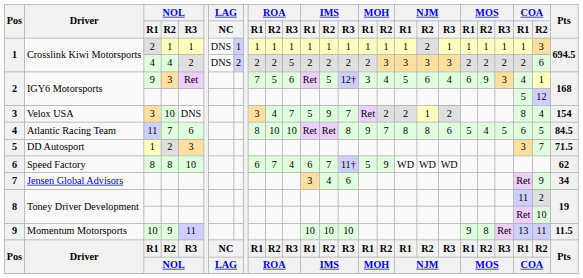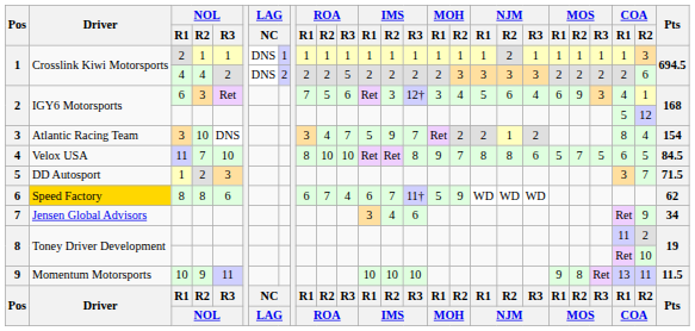 <table class="wikitable" style="font-size:85%; text-align:center">
 <tr>
 <th rowspan="2" valign="middle">Pos</th>
 <th rowspan="2" valign="middle">Driver</th>
 <th colspan="3"><a href='#'>NOL</a><br></th>
 <th rowspan="16"></th>
 <th colspan="2"><a href='#'>LAG</a><br></th>
 <th rowspan="16"></th>
 <th colspan="3"><a href='#'>ROA</a><br></th>
 <th colspan="3"><a href='#'>IMS</a><br></th>
 <th colspan="2"><a href='#'>MOH</a><br></th>
 <th colspan="3"><a href='#'>NJM</a><br></th>
 <th colspan="3"><a href='#'>MOS</a><br></th>
 <th colspan="2"><a href='#'>COA</a><br></th>
 <th rowspan="2" valign="middle">Pts</th>
 </tr>
 <tr>
 <th>R1</th>
 <th>R2</th>
 <th>R3</th>
 <th colspan="2">NC</th>
 <th>R1</th>
 <th>R2</th>
 <th>R3</th>
 <th>R1</th>
 <th>R2</th>
 <th>R3</th>
 <th>R1</th>
 <th>R2</th>
 <th>R1</th>
 <th>R2</th>
 <th>R3</th>
 <th>R1</th>
 <th>R2</th>
 <th>R3</th>
 <th>R1</th>
 <th>R2</th>
 </tr>
 <tr>
 <th rowspan="2">1</th>
 <td rowspan="2" align="left">Crosslink Kiwi Motorsports</td>
 <td style="background:#dfdfdf;">2</td>
 <td style="background:#ffffbf;">1</td>
 <td style="background:#ffffbf;">1</td>
 <td style="background:#ffffff;">DNS</td>
 <td style="background:#cfcfff;">1</td>
 <td style="background:#ffffbf;">1</td>
 <td style="background:#ffffbf;">1</td>
 <td style="background:#ffffbf;">1</td>
 <td style="background:#ffffbf;">1</td>
 <td style="background:#ffffbf;">1</td>
 <td style="background:#ffffbf;">1</td>
 <td style="background:#ffffbf;">1</td>
 <td style="background:#ffffbf;">1</td>
 <td style="background:#ffffbf;">1</td>
 <td style="background:#dfdfdf;">2</td>
 <td style="background:#ffffbf;">1</td>
 <td style="background:#ffffbf;">1</td>
 <td style="background:#ffffbf;">1</td>
 <td style="background:#ffffbf;">1</td>
 <td style="background:#ffffbf;">1</td>
 <td style="background:#ffdf9f;">3</td>
 <th rowspan="2">694.5</th>
 </tr>
 <tr>
 <td style="background:#dfffdf;">4</td>
 <td style="background:#dfffdf;">4</td>
 <td style="background:#dfdfdf;">2</td>
 <td style="background:#ffffff;">DNS</td>
 <td style="background:#cfcfff;">2</td>
 <td style="background:#dfdfdf;">2</td>
 <td style="background:#dfdfdf;">2</td>
 <td style="background:#dfdfdf;">5</td>
 <td style="background:#dfdfdf;">2</td>
 <td style="background:#dfdfdf;">2</td>
 <td style="background:#dfdfdf;">2</td>
 <td style="background:#dfdfdf;">2</td>
 <td style="background:#ffdf9f;">3</td>
 <td style="background:#ffdf9f;">3</td>
 <td style="background:#ffdf9f;">3</td>
 <td style="background:#ffdf9f;">3</td>
 <td style="background:#dfdfdf;">2</td>
 <td style="background:#dfdfdf;">2</td>
 <td style="background:#dfdfdf;">2</td>
 <td style="background:#dfdfdf;">2</td>
 <td style="background:#dfffdf;">6</td>
 </tr>
 <tr>
 <th rowspan="2">2</th>
 <td rowspan="2" align="left">IGY6 Motorsports</td>
-<td style="background:#dfffdf;">9</td>
+<td style="background:#dfffdf;">6</td>
 <td style="background:#ffdf9f;">3</td>
 <td style="background:#efcfff;">Ret</td>
 <td></td>
 <td></td>
 <td style="background:#dfffdf;">7</td>
 <td style="background:#dfffdf;">5</td>
 <td style="background:#dfffdf;">6</td>
 <td style="background:#efcfff;">Ret</td>
-<td style="background:#dfffdf;">5</td>
+<td style="background:#dfffdf;">3</td>
 <td style="background:#cfcfff;">12†</td>
 <td style="background:#dfffdf;">3</td>
 <td style="background:#dfffdf;">4</td>
 <td style="background:#dfffdf;">5</td>
 <td style="background:#dfffdf;">6</td>
 <td style="background:#dfffdf;">4</td>
 <td style="background:#dfffdf;">6</td>
 <td style="background:#dfffdf;">9</td>
 <td style="background:#ffdf9f;">3</td>
 <td style="background:#dfffdf;">4</td>
 <td style="background:#ffffbf;">1</td>
 <th rowspan="2">168</th>
 </tr>
 <tr>
 <td></td>
 <td></td>
 <td></td>
 <td></td>
 <td></td>
 <td></td>
 <td></td>
 <td></td>
 <td></td>
 <td></td>
 <td></td>
 <td></td>
 <td></td>
 <td></td>
 <td></td>
 <td></td>
 <td></td>
 <td></td>
 <td></td>
 <td style="background:#dfffdf;">5</td>
 <td style="background:#cfcfff;">12</td>
 </tr>
 <tr>
 <th>3</th>
-<td align="left">Velox USA</td>
+<td align="left">Atlantic Racing Team</td>
 <td style="background:#ffdf9f;">3</td>
 <td style="background:#dfffdf;">10</td>
 <td style="background:#ffffff;">DNS</td>
 <td></td>
 <td></td>
 <td style="background:#ffdf9f;">3</td>
 <td style="background:#dfffdf;">4</td>
 <td style="background:#dfffdf;">7</td>
 <td style="background:#dfffdf;">5</td>
 <td style="background:#dfffdf;">9</td>
 <td style="background:#dfffdf;">7</td>
 <td style="background:#efcfff;">Ret</td>
 <td style="background:#dfdfdf;">2</td>
 <td style="background:#dfdfdf;">2</td>
 <td style="background:#ffffbf;">1</td>
 <td style="background:#dfdfdf;">2</td>
 <td></td>
 <td></td>
 <td></td>
 <td style="background:#dfffdf;">8</td>
 <td style="background:#dfffdf;">4</td>
 <th>154</th>
 </tr>
 <tr>
 <th>4</th>
-<td align="left">Atlantic Racing Team</td>
+<td align="left">Velox USA</td>
 <td style="background:#cfcfff;">11</td>
 <td style="background:#dfffdf;">7</td>
-<td style="background:#dfffdf;">6</td>
+<td style="background:#dfffdf;">10</td>
 <td></td>
 <td></td>
 <td style="background:#dfffdf;">8</td>
 <td style="background:#dfffdf;">10</td>
 <td style="background:#dfffdf;">10</td>
 <td style="background:#efcfff;">Ret</td>
 <td style="background:#efcfff;">Ret</td>
 <td style="background:#dfffdf;">8</td>
 <td style="background:#dfffdf;">9</td>
 <td style="background:#dfffdf;">7</td>
 <td style="background:#dfffdf;">8</td>
 <td style="background:#dfffdf;">8</td>
 <td style="background:#dfffdf;">6</td>
 <td style="background:#dfffdf;">5</td>
-<td style="background:#dfffdf;">4</td>
+<td style="background:#dfffdf;">7</td>
 <td style="background:#dfffdf;">5</td>
 <td style="background:#dfffdf;">6</td>
 <td style="background:#dfffdf;">5</td>
 <th>84.5</th>
 </tr>
 <tr>
 <th>5</th>
 <td align="left">DD Autosport</td>
 <td style="background:#ffffbf;">1</td>
 <td style="background:#dfdfdf;">2</td>
 <td style="background:#ffdf9f;">3</td>
 <td></td>
 <td></td>
 <td></td>
 <td></td>
 <td></td>
 <td></td>
 <td></td>
 <td></td>
 <td></td>
 <td></td>
 <td></td>
 <td></td>
 <td></td>
 <td></td>
 <td></td>
 <td></td>
 <td style="background:#ffdf9f;">3</td>
 <td style="background:#dfffdf;">7</td>
 <th>71.5</th>
 </tr>
 <tr>
 <th>6</th>
-<td align="left">Speed Factory</td>
+<td align="left" style="background: gold;">Speed Factory</td>
 <td style="background:#dfffdf;">8</td>
 <td style="background:#dfffdf;">8</td>
-<td style="background:#dfffdf;">10</td>
+<td style="background:#dfffdf;">6</td>
 <td></td>
 <td></td>
 <td style="background:#dfffdf;">6</td>
 <td style="background:#dfffdf;">7</td>
 <td style="background:#dfffdf;">4</td>
 <td style="background:#dfffdf;">6</td>
 <td style="background:#dfffdf;">7</td>
 <td style="background:#cfcfff;">11†</td>
 <td style="background:#dfffdf;">5</td>
 <td style="background:#dfffdf;">9</td>
 <td style="background:#ffffff;">WD</td>
 <td style="background:#ffffff;">WD</td>
 <td style="background:#ffffff;">WD</td>
 <td></td>
 <td></td>
 <td></td>
 <td></td>
 <td></td>
 <th>62</th>
 </tr>
 <tr>
 <th>7</th>
 <td align="left"><a href='#'>Jensen Global Advisors</a></td>
 <td></td>
 <td></td>
 <td></td>
 <td></td>
 <td></td>
 <td></td>
 <td></td>
 <td></td>
 <td style="background:#ffdf9f;">3</td>
 <td style="background:#dfffdf;">4</td>
 <td style="background:#dfffdf;">6</td>
 <td></td>
 <td></td>
 <td></td>
 <td></td>
 <td></td>
 <td></td>
 <td></td>
 <td></td>
 <td style="background:#efcfff;">Ret</td>
 <td style="background:#dfffdf;">9</td>
 <th>34</th>
 </tr>
 <tr>
 <th rowspan="2">8</th>
 <td rowspan="2"  align="left">Toney Driver Development</td>
 <td></td>
 <td></td>
 <td></td>
 <td></td>
 <td></td>
 <td></td>
 <td></td>
 <td></td>
 <td></td>
 <td></td>
 <td></td>
 <td></td>
 <td></td>
 <td></td>
 <td></td>
 <td></td>
 <td></td>
 <td></td>
 <td></td>
 <td style="background:#cfcfff;">11</td>
 <td style="background:#dfdfdf;">2</td>
 <th rowspan="2">19</th>
 </tr>
 <tr>
 <td></td>
 <td></td>
 <td></td>
 <td></td>
 <td></td>
 <td></td>
 <td></td>
 <td></td>
 <td></td>
 <td></td>
 <td></td>
 <td></td>
 <td></td>
 <td></td>
 <td></td>
 <td></td>
 <td></td>
 <td></td>
 <td></td>
 <td style="background:#efcfff;">Ret</td>
 <td style="background:#dfffdf;">10</td>
 </tr>
 <tr>
 <th>9</th>
 <td align="left">Momentum Motorsports</td>
 <td style="background:#dfffdf;">10</td>
 <td style="background:#dfffdf;">9</td>
 <td style="background:#cfcfff;">11</td>
 <td></td>
 <td></td>
 <td></td>
 <td></td>
 <td></td>
 <td style="background:#dfffdf;">10</td>
 <td style="background:#dfffdf;">10</td>
 <td style="background:#dfffdf;">10</td>
 <td></td>
 <td></td>
 <td></td>
 <td></td>
 <td></td>
 <td style="background:#dfffdf;">9</td>
 <td style="background:#dfffdf;">8</td>
 <td style="background:#efcfff;">Ret</td>
 <td style="background:#cfcfff;">13</td>
 <td style="background:#cfcfff;">11</td>
 <th>11.5</th>
 </tr>
 <tr>
 <th rowspan="2">Pos</th>
 <th rowspan="2">Driver</th>
 <th>R1</th>
 <th>R2</th>
 <th>R3</th>
 <th colspan="2">NC</th>
 <th>R1</th>
 <th>R2</th>
 <th>R3</th>
 <th>R1</th>
 <th>R2</th>
 <th>R3</th>
 <th>R1</th>
 <th>R2</th>
 <th>R1</th>
 <th>R2</th>
 <th>R3</th>
 <th>R1</th>
 <th>R2</th>
 <th>R3</th>
 <th>R1</th>
 <th>R2</th>
 <th rowspan="2">Pts</th>
 </tr>
 <tr valign="top">
 <th colspan="3"><a href='#'>NOL</a><br></th>
 <th colspan="2"><a href='#'>LAG</a><br></th>
 <th colspan="3"><a href='#'>ROA</a><br></th>
 <th colspan="3"><a href='#'>IMS</a><br></th>
 <th colspan="2"><a href='#'>MOH</a><br></th>
 <th colspan="3"><a href='#'>NJM</a><br></th>
 <th colspan="3"><a href='#'>MOS</a><br></th>
 <th colspan="2"><a href='#'>COA</a><br></th>
 </tr>
 </table>
